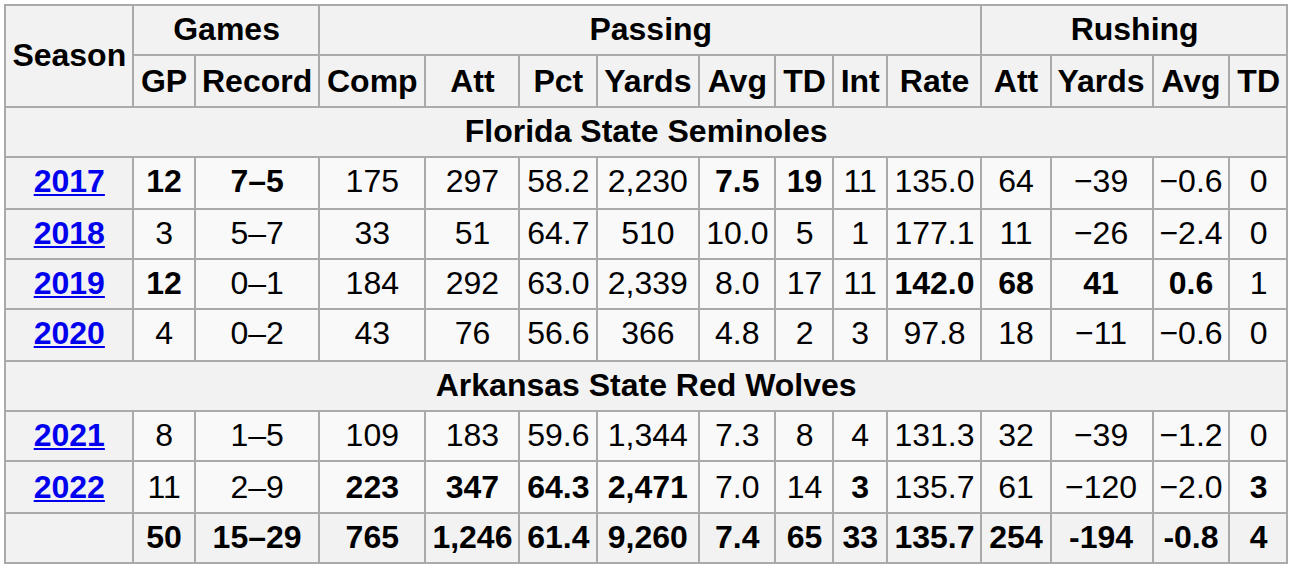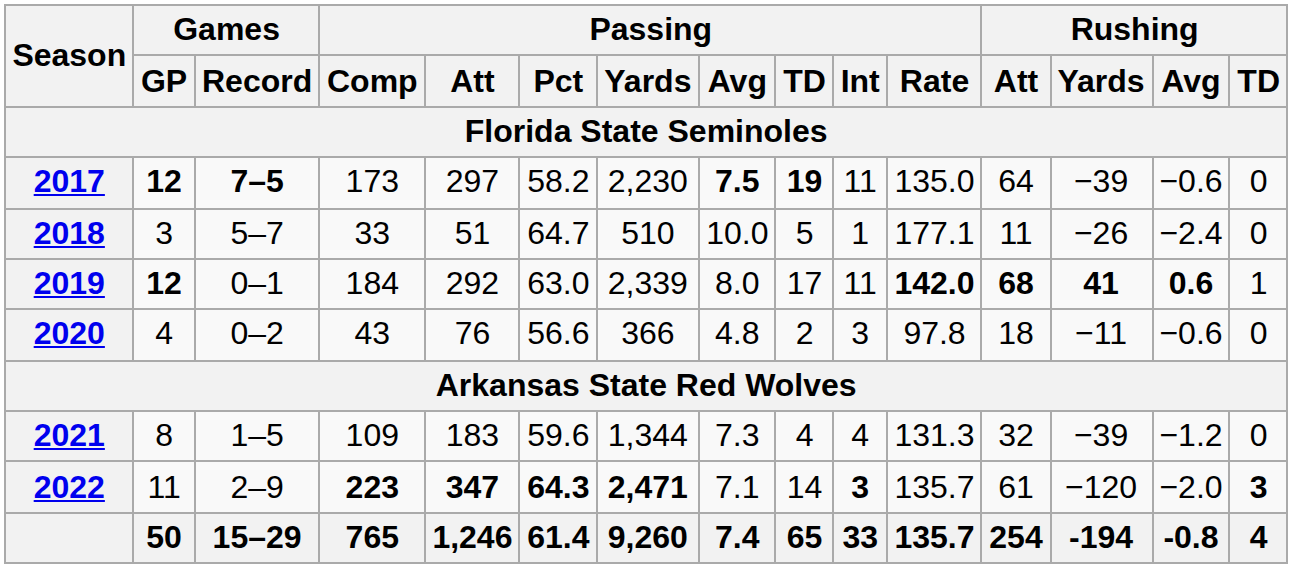 <table class="wikitable" style="text-align:center;">
 <tr>
 <th rowspan="2">Season</th>
 <th colspan="2">Games</th>
 <th colspan="8">Passing</th>
 <th colspan="4">Rushing</th>
 </tr>
 <tr>
 <th>GP</th>
 <th>Record</th>
 <th>Comp</th>
 <th>Att</th>
 <th>Pct</th>
 <th>Yards</th>
 <th>Avg</th>
 <th>TD</th>
 <th>Int</th>
 <th>Rate</th>
 <th>Att</th>
 <th>Yards</th>
 <th>Avg</th>
 <th>TD</th>
 </tr>
 <tr>
 <th colspan="16">Florida State Seminoles</th>
 </tr>
 <tr>
 <th><a href='#'>2017</a></th>
 <td><strong>12</strong></td>
 <td><strong>7–5</strong></td>
-<td>175</td>
+<td>173</td>
 <td>297</td>
 <td>58.2</td>
 <td>2,230</td>
 <td><strong>7.5</strong></td>
 <td><strong>19</strong></td>
 <td>11</td>
 <td>135.0</td>
 <td>64</td>
 <td>−39</td>
 <td>−0.6</td>
 <td>0</td>
 </tr>
 <tr>
 <th><a href='#'>2018</a></th>
 <td>3</td>
 <td>5–7</td>
 <td>33</td>
 <td>51</td>
 <td>64.7</td>
 <td>510</td>
 <td>10.0</td>
 <td>5</td>
 <td>1</td>
 <td>177.1</td>
 <td>11</td>
 <td>−26</td>
 <td>−2.4</td>
 <td>0</td>
 </tr>
 <tr>
 <th><a href='#'>2019</a></th>
 <td><strong>12</strong></td>
 <td>0–1</td>
 <td>184</td>
 <td>292</td>
 <td>63.0</td>
 <td>2,339</td>
 <td>8.0</td>
 <td>17</td>
 <td>11</td>
 <td><strong>142.0</strong></td>
 <td><strong>68</strong></td>
 <td><strong>41</strong></td>
 <td><strong>0.6</strong></td>
 <td>1</td>
 </tr>
 <tr>
 <th><a href='#'>2020</a></th>
 <td>4</td>
 <td>0–2</td>
 <td>43</td>
 <td>76</td>
 <td>56.6</td>
 <td>366</td>
 <td>4.8</td>
 <td>2</td>
 <td>3</td>
 <td>97.8</td>
 <td>18</td>
 <td>−11</td>
 <td>−0.6</td>
 <td>0</td>
 </tr>
 <tr>
 <th colspan="16">Arkansas State Red Wolves</th>
 </tr>
 <tr>
 <th><a href='#'>2021</a></th>
 <td>8</td>
 <td>1–5</td>
 <td>109</td>
 <td>183</td>
 <td>59.6</td>
 <td>1,344</td>
 <td>7.3</td>
-<td>8</td>
+<td>4</td>
 <td>4</td>
 <td>131.3</td>
 <td>32</td>
 <td>−39</td>
 <td>−1.2</td>
 <td>0</td>
 </tr>
 <tr>
 <th><a href='#'>2022</a></th>
 <td>11</td>
 <td>2–9</td>
 <td><strong>223</strong></td>
 <td><strong>347</strong></td>
 <td><strong>64.3</strong></td>
 <td><strong>2,471</strong></td>
-<td>7.0</td>
+<td>7.1</td>
 <td>14</td>
 <td><strong>3</strong></td>
 <td>135.7</td>
 <td>61</td>
 <td>−120</td>
 <td>−2.0</td>
 <td><strong>3</strong></td>
 </tr>
 <tr>
 <th></th>
 <th>50</th>
 <th>15–29</th>
 <th>765</th>
 <th>1,246</th>
 <th>61.4</th>
 <th>9,260</th>
 <th>7.4</th>
 <th>65</th>
 <th>33</th>
 <th>135.7</th>
 <th>254</th>
 <th>-194</th>
 <th>-0.8</th>
 <th>4</th>
 </tr>
 </table>
